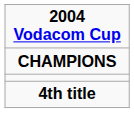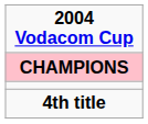 <table class="wikitable" style="text-align: center; margin: 0 auto; width: 20%">
 <tr>
 <td><strong>2004</strong> <br> <strong><a href='#'>Vodacom Cup</a></strong></td>
 </tr>
 <tr>
-<td><strong>CHAMPIONS</strong></td>
+<td style="background: pink;"><strong>CHAMPIONS</strong></td>
 </tr>
 <tr>
 <td><strong></strong></td>
 </tr>
 <tr>
 <td><strong>4th title</strong></td>
 </tr>
 </table>
